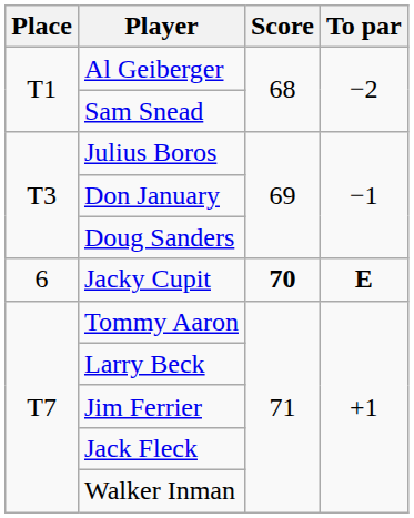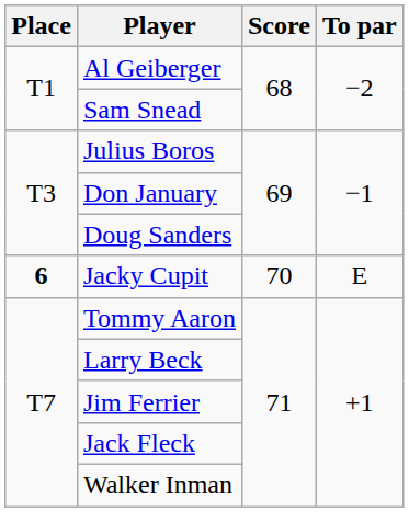 <table class=wikitable>
 <tr>
 <th>Place</th>
 <th>Player</th>
 <th>Score</th>
 <th>To par</th>
 </tr>
 <tr>
 <td rowspan=2 align=center>T1</td>
 <td> <a href='#'>Al Geiberger</a></td>
 <td rowspan=2 align=center>68</td>
 <td rowspan=2 align=center>−2</td>
 </tr>
 <tr>
 <td> <a href='#'>Sam Snead</a></td>
 </tr>
 <tr>
 <td rowspan=3 align=center>T3</td>
 <td> <a href='#'>Julius Boros</a></td>
 <td rowspan=3 align=center>69</td>
 <td rowspan=3 align=center>−1</td>
 </tr>
 <tr>
 <td> <a href='#'>Don January</a></td>
 </tr>
 <tr>
 <td> <a href='#'>Doug Sanders</a></td>
 </tr>
 <tr>
-<td align=center>6</td>
+<td align=center><strong>6</strong></td>
 <td> <a href='#'>Jacky Cupit</a></td>
-<td align=center><strong>70</strong></td>
-<td align=center><strong>E</strong></td>
+<td align=center>70</td>
+<td align=center>E</td>
 </tr>
 <tr>
 <td rowspan=5 align=center>T7</td>
 <td> <a href='#'>Tommy Aaron</a></td>
 <td rowspan=5 align=center>71</td>
 <td rowspan=5 align=center>+1</td>
 </tr>
 <tr>
 <td> <a href='#'>Larry Beck</a></td>
 </tr>
 <tr>
 <td> <a href='#'>Jim Ferrier</a><br></td>
 </tr>
 <tr>
 <td> <a href='#'>Jack Fleck</a></td>
 </tr>
 <tr>
 <td> Walker Inman</td>
 </tr>
 </table>
